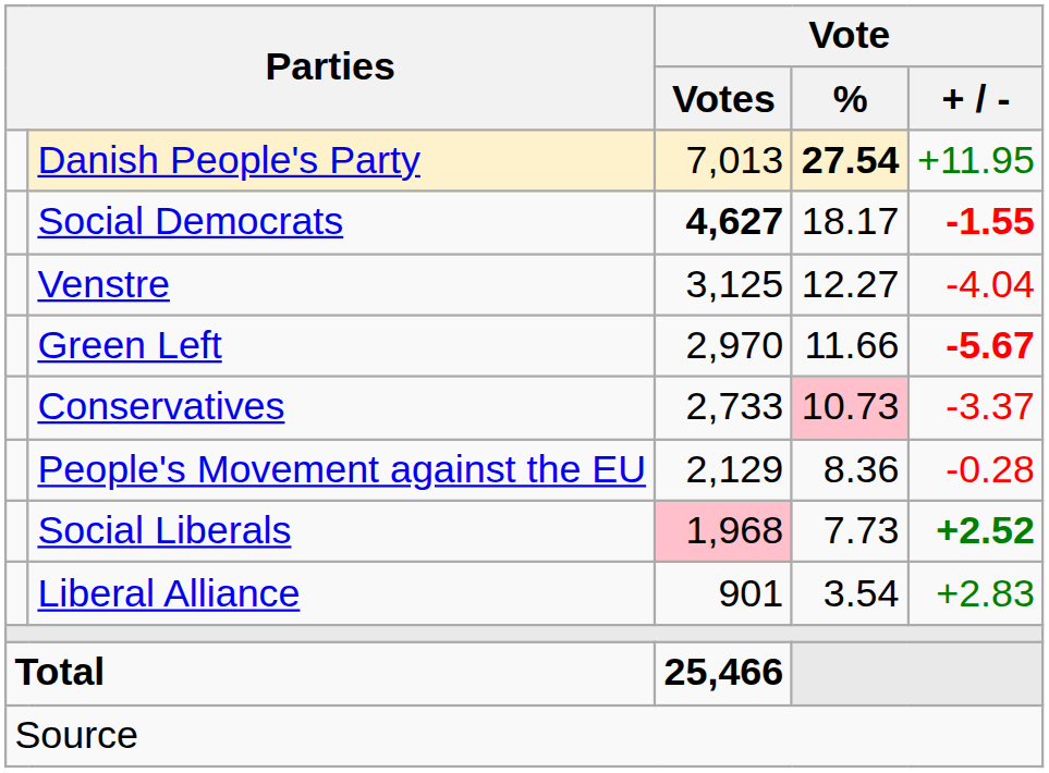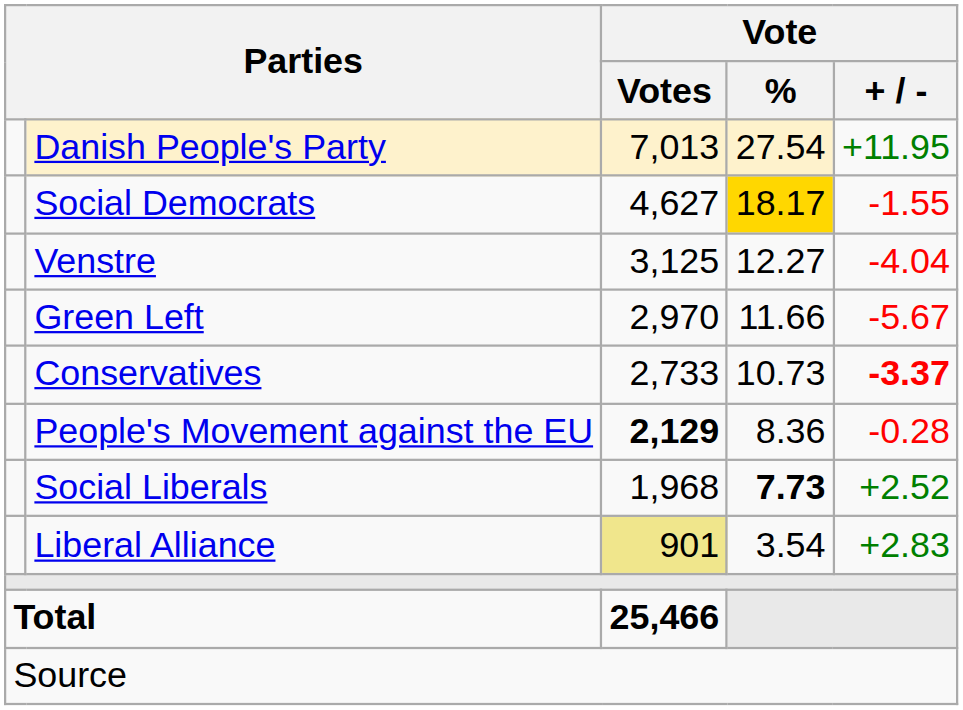 <table class="wikitable" style="text-align:right;">
 <tr>
 <th style="text-align:centre;" rowspan="2" colspan="2" width="225">Parties</th>
 <th colspan="3">Vote</th>
 </tr>
 <tr>
 <th width="15">Votes</th>
 <th width="15">%</th>
 <th width="15">+ / -</th>
 </tr>
 <tr>
 <td width="2" style="color:inherit;background:"></td>
 <td bgcolor=#fef2cc   align="left"><a href='#'>Danish People's Party</a></td>
 <td bgcolor=#fef2cc>7,013</td>
-<td bgcolor=#fef2cc><strong>27.54</strong></td>
+<td bgcolor=#fef2cc>27.54</td>
 <td style=color:green;>+11.95</td>
 </tr>
 <tr>
 <td width="2" style="color:inherit;background:"></td>
 <td align="left"><a href='#'>Social Democrats</a></td>
-<td><strong>4,627</strong></td>
-<td>18.17</td>
-<td style=color:red;><strong>-1.55</strong></td>
+<td>4,627</td>
+<td style="background: gold;">18.17</td>
+<td style=color:red;>-1.55</td>
 </tr>
 <tr>
 <td width="2" style="color:inherit;background:"></td>
 <td align="left"><a href='#'>Venstre</a></td>
 <td>3,125</td>
 <td>12.27</td>
 <td style=color:red;>-4.04</td>
 </tr>
 <tr>
 <td width="2" style="color:inherit;background:"></td>
 <td align="left"><a href='#'>Green Left</a></td>
 <td>2,970</td>
 <td>11.66</td>
-<td style=color:red;><strong>-5.67</strong></td>
+<td style=color:red;>-5.67</td>
 </tr>
 <tr>
 <td width="2" style="color:inherit;background:"></td>
 <td align="left"><a href='#'>Conservatives</a></td>
 <td>2,733</td>
-<td style="background: pink;">10.73</td>
-<td style=color:red;>-3.37</td>
+<td>10.73</td>
+<td style=color:red;><strong>-3.37</strong></td>
 </tr>
 <tr>
 <td width="2" style="color:inherit;background:"></td>
 <td align="left"><a href='#'>People's Movement against the EU</a></td>
-<td>2,129</td>
+<td><strong>2,129</strong></td>
 <td>8.36</td>
 <td style=color:red;>-0.28</td>
 </tr>
 <tr>
 <td width="2" style="color:inherit;background:"></td>
 <td align="left"><a href='#'>Social Liberals</a></td>
-<td style="background: pink;">1,968</td>
-<td>7.73</td>
-<td style=color:green;><strong>+2.52</strong></td>
+<td>1,968</td>
+<td><strong>7.73</strong></td>
+<td style=color:green;>+2.52</td>
 </tr>
 <tr>
 <td width="2" style="color:inherit;background:"></td>
 <td align="left"><a href='#'>Liberal Alliance</a></td>
-<td>901</td>
+<td style="background: khaki;">901</td>
 <td>3.54</td>
 <td style=color:green;>+2.83</td>
 </tr>
 <tr>
 <td colspan="7" bgcolor="#E9E9E9"></td>
 </tr>
 <tr>
 <td align="left" colspan="2"><strong>Total</strong></td>
 <td><strong>25,466</strong></td>
 <td bgcolor="#E9E9E9" colspan="2"></td>
 </tr>
 <tr>
 <td align="left" colspan="6">Source</td>
 </tr>
 </table>
